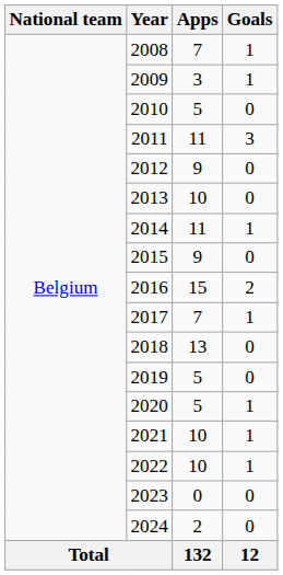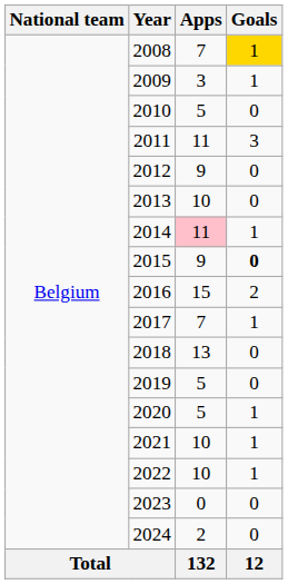 <table class="wikitable" style="text-align: center">
 <tr>
 <th>National team</th>
 <th>Year</th>
 <th>Apps</th>
 <th>Goals</th>
 </tr>
 <tr>
 <td rowspan="17"><a href='#'>Belgium</a></td>
 <td>2008</td>
 <td>7</td>
-<td>1</td>
+<td style="background: gold;">1</td>
 </tr>
 <tr>
 <td>2009</td>
 <td>3</td>
 <td>1</td>
 </tr>
 <tr>
 <td>2010</td>
 <td>5</td>
 <td>0</td>
 </tr>
 <tr>
 <td>2011</td>
 <td>11</td>
 <td>3</td>
 </tr>
 <tr>
 <td>2012</td>
 <td>9</td>
 <td>0</td>
 </tr>
 <tr>
 <td>2013</td>
 <td>10</td>
 <td>0</td>
 </tr>
 <tr>
 <td>2014</td>
-<td>11</td>
+<td style="background: pink;">11</td>
 <td>1</td>
 </tr>
 <tr>
 <td>2015</td>
 <td>9</td>
-<td>0</td>
+<td><strong>0</strong></td>
 </tr>
 <tr>
 <td>2016</td>
 <td>15</td>
 <td>2</td>
 </tr>
 <tr>
 <td>2017</td>
 <td>7</td>
 <td>1</td>
 </tr>
 <tr>
 <td>2018</td>
 <td>13</td>
 <td>0</td>
 </tr>
 <tr>
 <td>2019</td>
 <td>5</td>
 <td>0</td>
 </tr>
 <tr>
 <td>2020</td>
 <td>5</td>
 <td>1</td>
 </tr>
 <tr>
 <td>2021</td>
 <td>10</td>
 <td>1</td>
 </tr>
 <tr>
 <td>2022</td>
 <td>10</td>
 <td>1</td>
 </tr>
 <tr>
 <td>2023</td>
 <td>0</td>
 <td>0</td>
 </tr>
 <tr>
 <td>2024</td>
 <td>2</td>
 <td>0</td>
 </tr>
 <tr>
 <th colspan="2">Total</th>
 <th>132</th>
 <th>12</th>
 </tr>
 </table>
